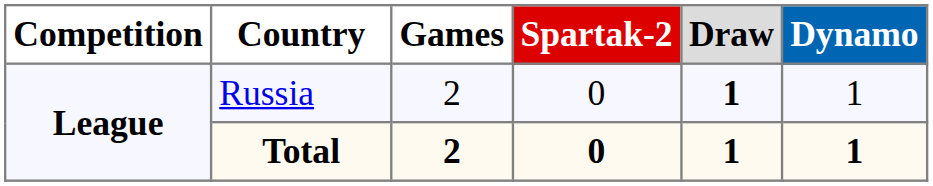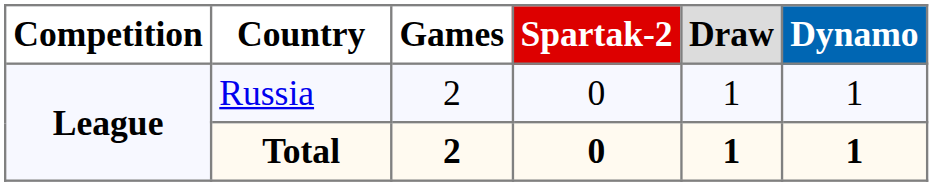 <table bgcolor="#f7f8ff" cellpadding="3" cellspacing="0" border="1" style="font-size: 95%; border: gray solid 1px; border-collapse: collapse;">
 <tr align=center bgcolor="#FFFFFF">
 <td width="20"><strong>Competition</strong></td>
 <td width="70"><strong>Country</strong></td>
 <td width="40"><strong>Games</strong></td>
 <th style="color:#FFFFFF; background:#DD0000;">Spartak-2</th>
 <th style="color:#000000; background:#dcdcdc;">Draw</th>
 <th style="color:#FFFFFF; background:#0066b3;">Dynamo</th>
 </tr>
 <tr>
 <th rowspan=3 align=center>League</th>
 <td align=left> <a href='#'>Russia</a></td>
 <td align=center>2</td>
 <td align=center>0</td>
-<td align=center><strong>1</strong></td>
+<td align=center>1</td>
 <td align=center>1</td>
 </tr>
 <tr style=background:FloralWhite>
 <th>Total</th>
 <th>2</th>
 <th>0</th>
 <th>1</th>
 <th>1</th>
 </tr>
 </table>
